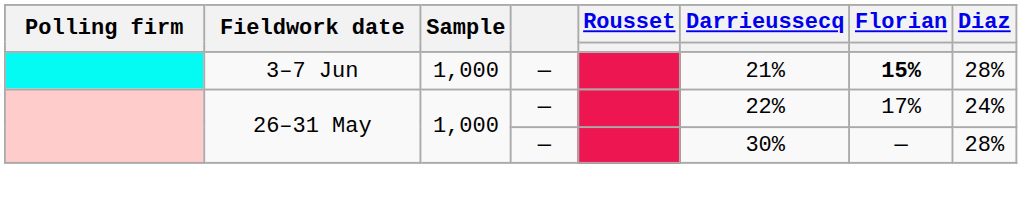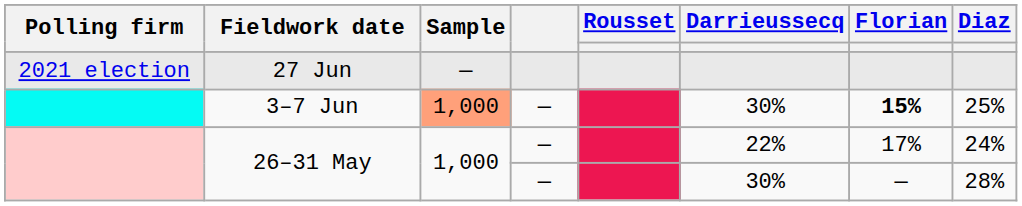 <table class="wikitable" style="text-align:center;font-size:90%;line-height:14px;">
 <tr>
 <th rowspan="2" style="width:100px;">Polling firm</th>
 <th rowspan="2" style="width:110px;">Fieldwork date</th>
 <th rowspan="2" style="width:35px;">Sample</th>
 <th rowspan="2" style="width:30px;"></th>
 <th><a href='#'>Rousset</a><br></th>
 <th><a href='#'>Darrieussecq</a><br></th>
 <th><a href='#'>Florian</a><br></th>
 <th><a href='#'>Diaz</a><br></th>
 </tr>
 <tr>
 <th style="background:"></th>
 <th style="background:"></th>
 <th style="background:"></th>
 <th style="background:"></th>
 </tr>
+<tr style="background:#E9E9E9;">
+<td><a href='#'>2021 election</a></td>
+<td data-sort-value="2021-06-27">27 Jun</td>
+<td>—</td>
+<td></td>
+<td></td>
+<td></td>
+<td></td>
+<td></td>
+</tr>
 <tr>
 <td style="background:#04FBF4;"></td>
 <td>3–7 Jun</td>
-<td>1,000</td>
+<td style="background: lightsalmon;">1,000</td>
 <td>—</td>
 <td style="background:#ED1651;"><strong></strong></td>
-<td>21%</td>
+<td>30%</td>
 <td><strong>15%</strong></td>
-<td>28%</td>
+<td>25%</td>
 </tr>
 <tr>
 <td rowspan="2" style="background:#FFCCCC;"></td>
 <td rowspan="2">26–31 May</td>
 <td rowspan="2">1,000</td>
 <td>—</td>
 <td style="background:#ED1651;"><strong></strong></td>
 <td>22%</td>
 <td>17%</td>
 <td>24%</td>
 </tr>
 <tr>
 <td>—</td>
 <td style="background:#ED1651;"><strong></strong></td>
 <td>30%</td>
 <td>—</td>
 <td>28%</td>
 </tr>
 </table>
